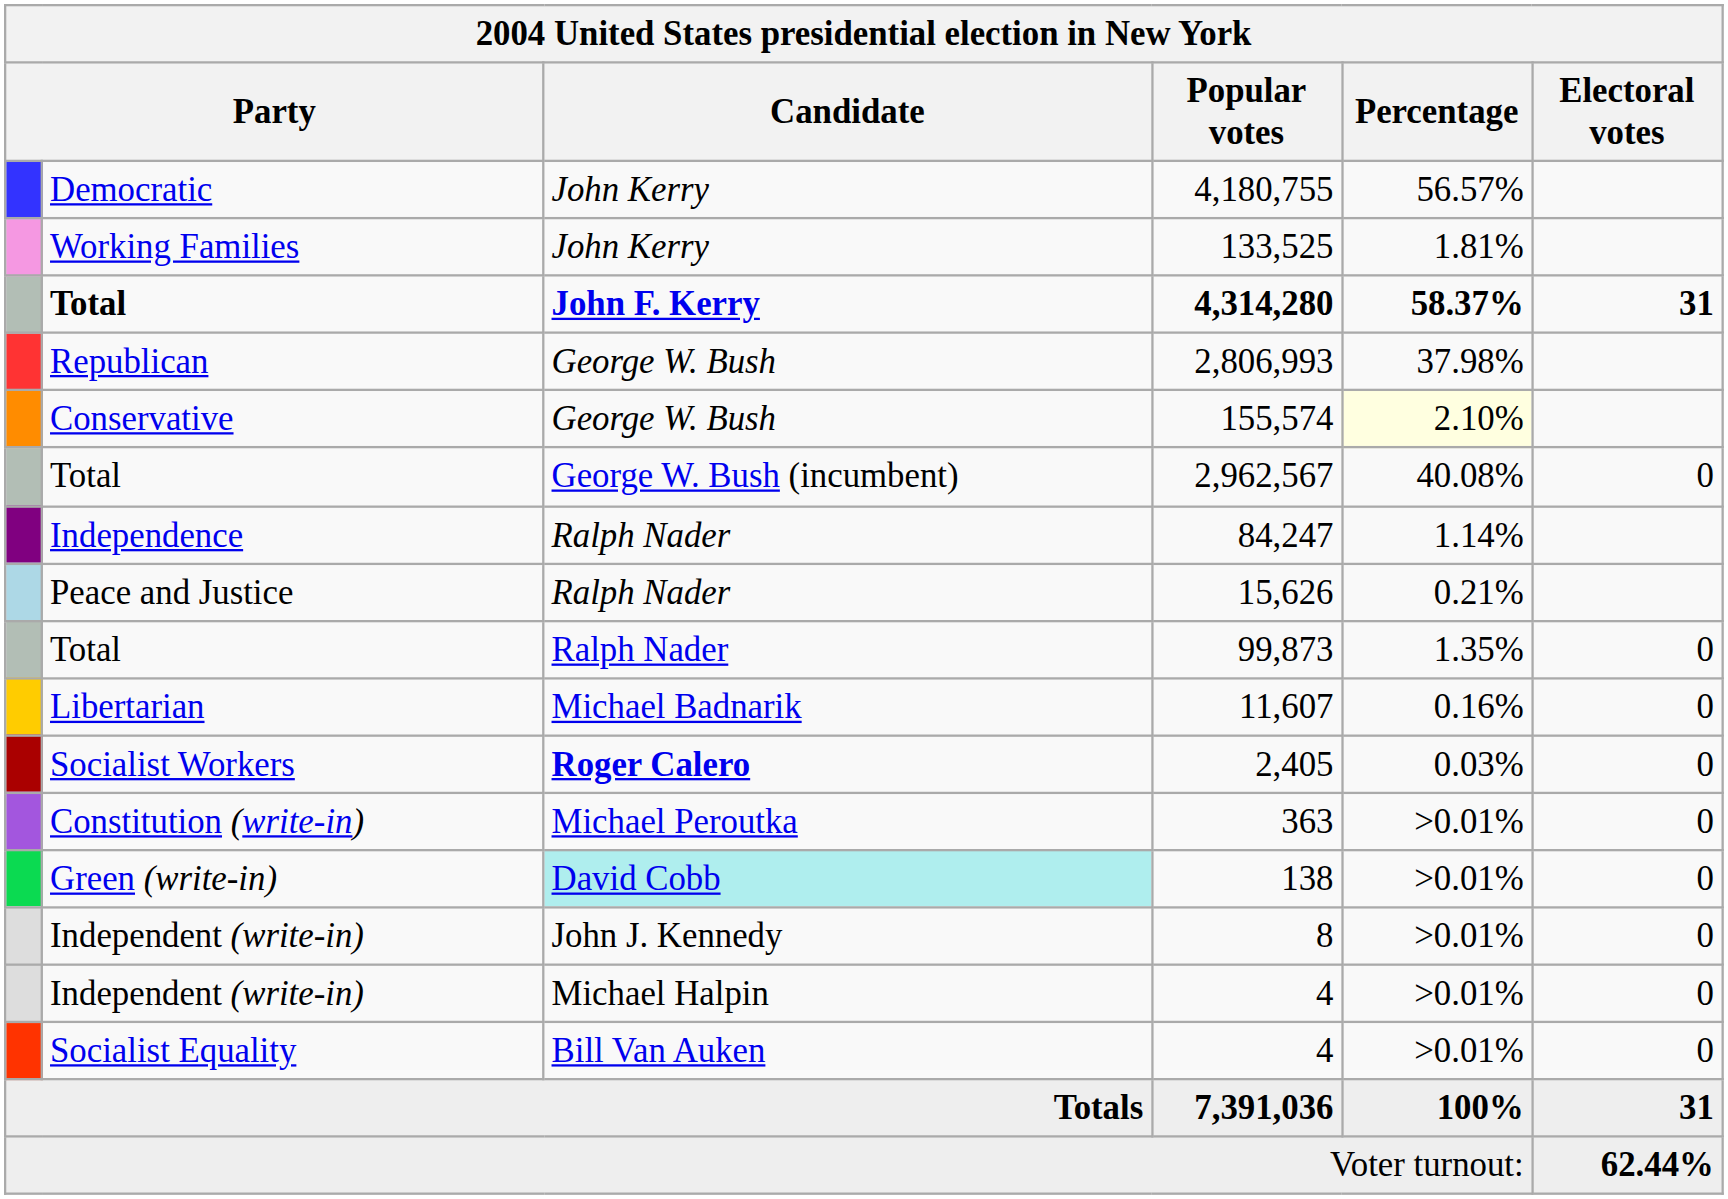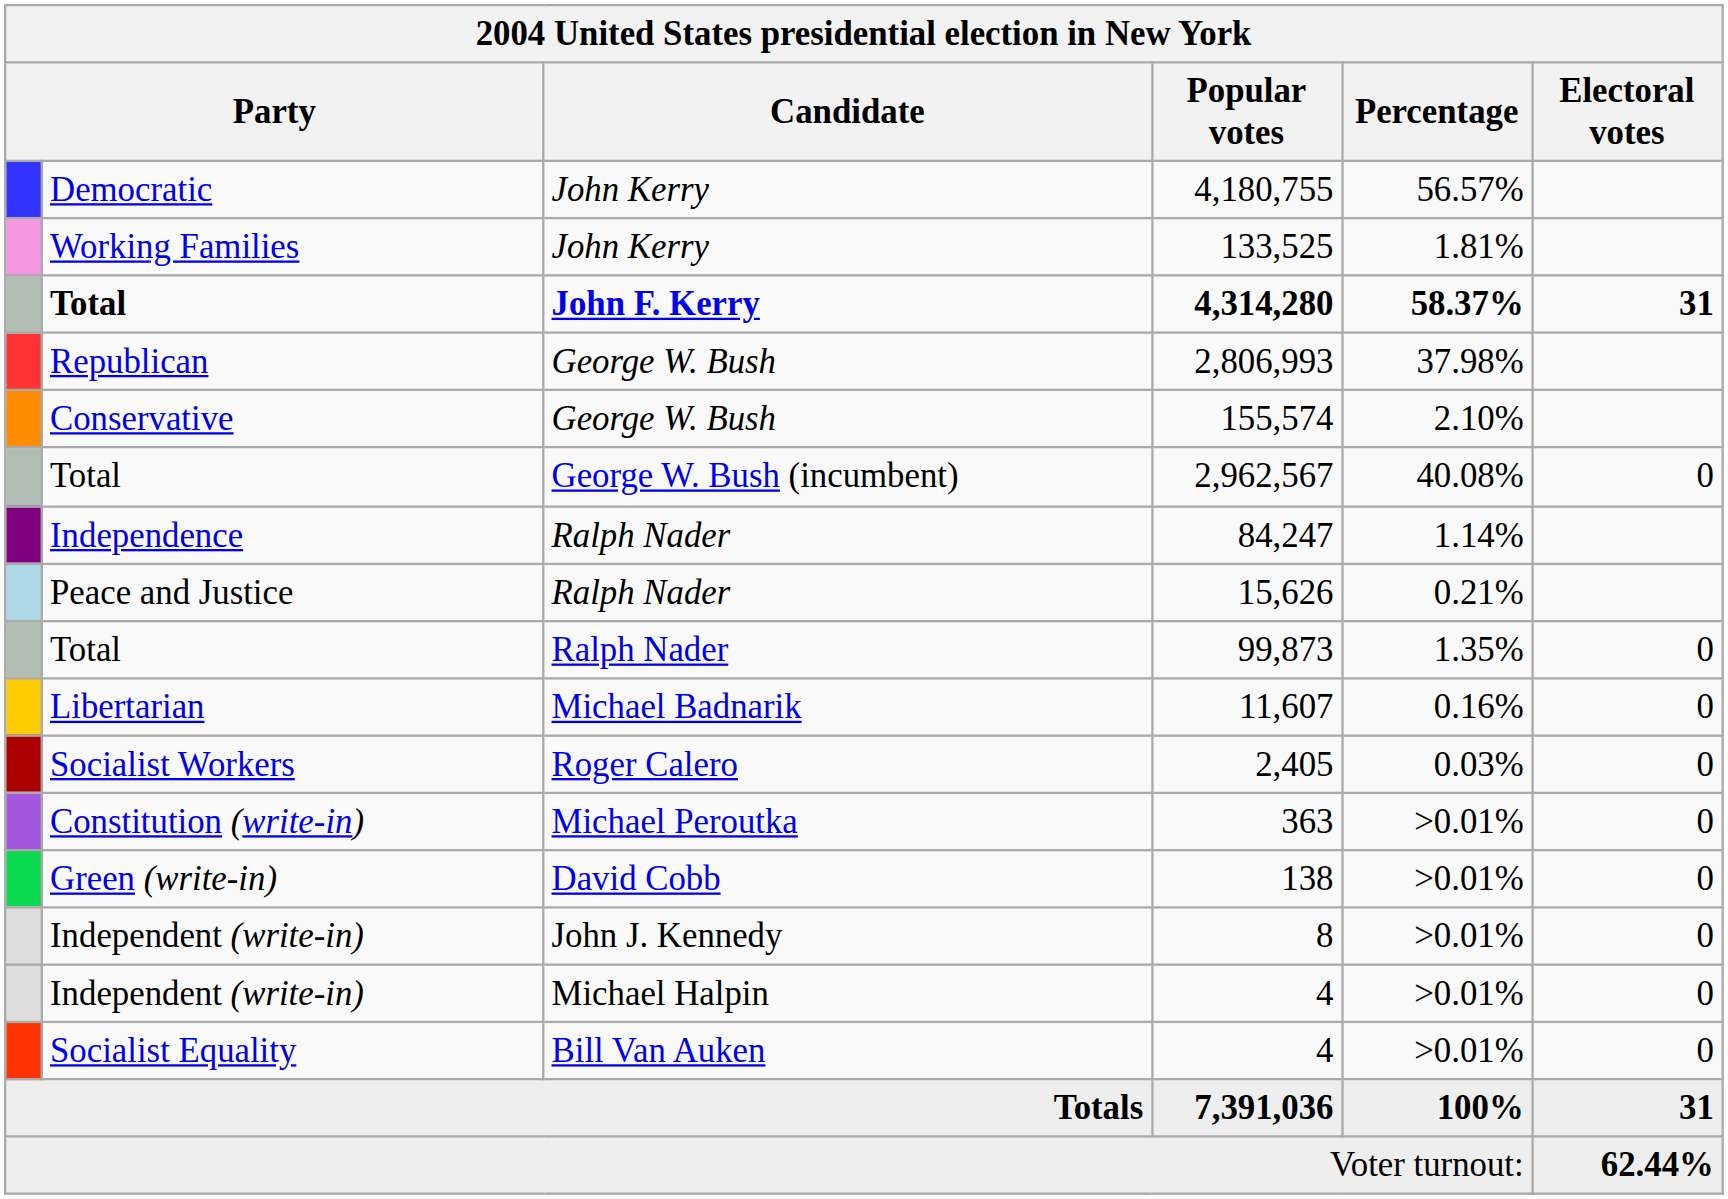 <table class="wikitable" style="font-size: 95%;">
 <tr>
 <th colspan="7">2004 United States presidential election in New York</th>
 </tr>
 <tr>
 <th colspan="2" style="width: 15em">Party</th>
 <th style="width: 17em">Candidate</th>
 <th style="width: 5em">Popular votes</th>
 <th style="width: 5em">Percentage</th>
 <th style="width: 5em">Electoral votes</th>
 </tr>
 <tr>
 <th style="background:#33f; width:3px;"></th>
 <td style="width: 130px"><a href='#'>Democratic</a></td>
 <td><em>John Kerry</em></td>
 <td style="text-align:right;">4,180,755</td>
 <td style="text-align:right;">56.57%</td>
 <td style="text-align:right;"></td>
 </tr>
 <tr>
 <th style="background:#F598E2; width:3px;"></th>
 <td style="width: 130px"><a href='#'>Working Families</a></td>
 <td><em>John Kerry</em></td>
 <td style="text-align:right;">133,525</td>
 <td style="text-align:right;">1.81%</td>
 <td style="text-align:right;"></td>
 </tr>
 <tr>
 <th style="background:#b2beb5; width:3px;"></th>
 <td style="width: 130px"><strong>Total</strong></td>
 <td><strong><a href='#'>John F. Kerry</a></strong></td>
 <td style="text-align:right;"><strong>4,314,280</strong></td>
 <td style="text-align:right;"><strong>58.37%</strong></td>
 <td style="text-align:right;"><strong>31</strong></td>
 </tr>
 <tr>
 <th style="background:#f33; width:3px;"></th>
 <td style="width: 130px"><a href='#'>Republican</a></td>
 <td><em>George W. Bush</em></td>
 <td style="text-align:right;">2,806,993</td>
 <td style="text-align:right;">37.98%</td>
 <td style="text-align:right;"></td>
 </tr>
 <tr>
 <th style="background:#ff8c00; width:3px;"></th>
 <td style="width: 130px"><a href='#'>Conservative</a></td>
 <td><em>George W. Bush</em></td>
 <td style="text-align:right;">155,574</td>
-<td style="background: lightyellow; text-align:right;">2.10%</td>
+<td style="text-align:right;">2.10%</td>
 <td style="text-align:right;"></td>
 </tr>
 <tr>
 <th style="background:#b2beb5; width:3px;"></th>
 <td style="width: 130px">Total</td>
 <td><a href='#'>George W. Bush</a> (incumbent)</td>
 <td style="text-align:right;">2,962,567</td>
 <td style="text-align:right;">40.08%</td>
 <td style="text-align:right;">0</td>
 </tr>
 <tr>
 <th style="background:purple; width:3px;"></th>
 <td style="width: 130px"><a href='#'>Independence</a></td>
 <td><em>Ralph Nader</em></td>
 <td style="text-align:right;">84,247</td>
 <td style="text-align:right;">1.14%</td>
 <td style="text-align:right;"></td>
 </tr>
 <tr>
 <th style="background:#add8e6; width:3px;"></th>
 <td style="width: 130px">Peace and Justice</td>
 <td><em>Ralph Nader</em></td>
 <td style="text-align:right;">15,626</td>
 <td style="text-align:right;">0.21%</td>
 <td style="text-align:right;"></td>
 </tr>
 <tr>
 <th style="background:#b2beb5; width:3px;"></th>
 <td style="width: 130px">Total</td>
 <td><a href='#'>Ralph Nader</a></td>
 <td style="text-align:right;">99,873</td>
 <td style="text-align:right;">1.35%</td>
 <td style="text-align:right;">0</td>
 </tr>
 <tr>
 <th style="background:#fc0; width:3px;"></th>
 <td style="width: 130px"><a href='#'>Libertarian</a></td>
 <td><a href='#'>Michael Badnarik</a></td>
 <td style="text-align:right;">11,607</td>
 <td style="text-align:right;">0.16%</td>
 <td style="text-align:right;">0</td>
 </tr>
 <tr>
 <th style="background:#a00; width:3px;"></th>
 <td style="width: 130px"><a href='#'>Socialist Workers</a></td>
-<td><strong><a href='#'>Roger Calero</a></strong></td>
+<td><a href='#'>Roger Calero</a></td>
 <td style="text-align:right;">2,405</td>
 <td style="text-align:right;">0.03%</td>
 <td style="text-align:right;">0</td>
 </tr>
 <tr>
 <th style="background:#a356de; width:3px;"></th>
 <td style="width: 130px"><a href='#'>Constitution</a> <em>(<a href='#'>write-in</a>)</em></td>
 <td><a href='#'>Michael Peroutka</a></td>
 <td style="text-align:right;">363</td>
 <td style="text-align:right;">>0.01%</td>
 <td style="text-align:right;">0</td>
 </tr>
 <tr>
 <th style="background:#0bda51; width:3px;"></th>
 <td style="width: 130px"><a href='#'>Green</a> <em>(write-in)</em></td>
-<td style="background: paleturquoise;"><a href='#'>David Cobb</a></td>
+<td><a href='#'>David Cobb</a></td>
 <td style="text-align:right;">138</td>
 <td style="text-align:right;">>0.01%</td>
 <td style="text-align:right;">0</td>
 </tr>
 <tr>
 <th style="background:#ddd; width:3px;"></th>
 <td style="width: 130px">Independent <em>(write-in)</em></td>
 <td>John J. Kennedy</td>
 <td style="text-align:right;">8</td>
 <td style="text-align:right;">>0.01%</td>
 <td style="text-align:right;">0</td>
 </tr>
 <tr>
 <th style="background:#ddd; width:3px;"></th>
 <td style="width: 130px">Independent <em>(write-in)</em></td>
 <td>Michael Halpin</td>
 <td style="text-align:right;">4</td>
 <td style="text-align:right;">>0.01%</td>
 <td style="text-align:right;">0</td>
 </tr>
 <tr>
 <th style="background:#f30; width:3px;"></th>
 <td style="width: 130px"><a href='#'>Socialist Equality</a></td>
 <td><a href='#'>Bill Van Auken</a></td>
 <td style="text-align:right;">4</td>
 <td style="text-align:right;">>0.01%</td>
 <td style="text-align:right;">0</td>
 </tr>
 <tr style="background:#eee; text-align:right;">
 <td colspan="3"><strong>Totals</strong></td>
 <td><strong>7,391,036</strong></td>
 <td><strong>100%</strong></td>
 <td><strong>31</strong></td>
 </tr>
 <tr style="background:#eee; text-align:right;">
 <td colspan="5">Voter turnout:</td>
 <td><strong>62.44%</strong></td>
 </tr>
 </table>
